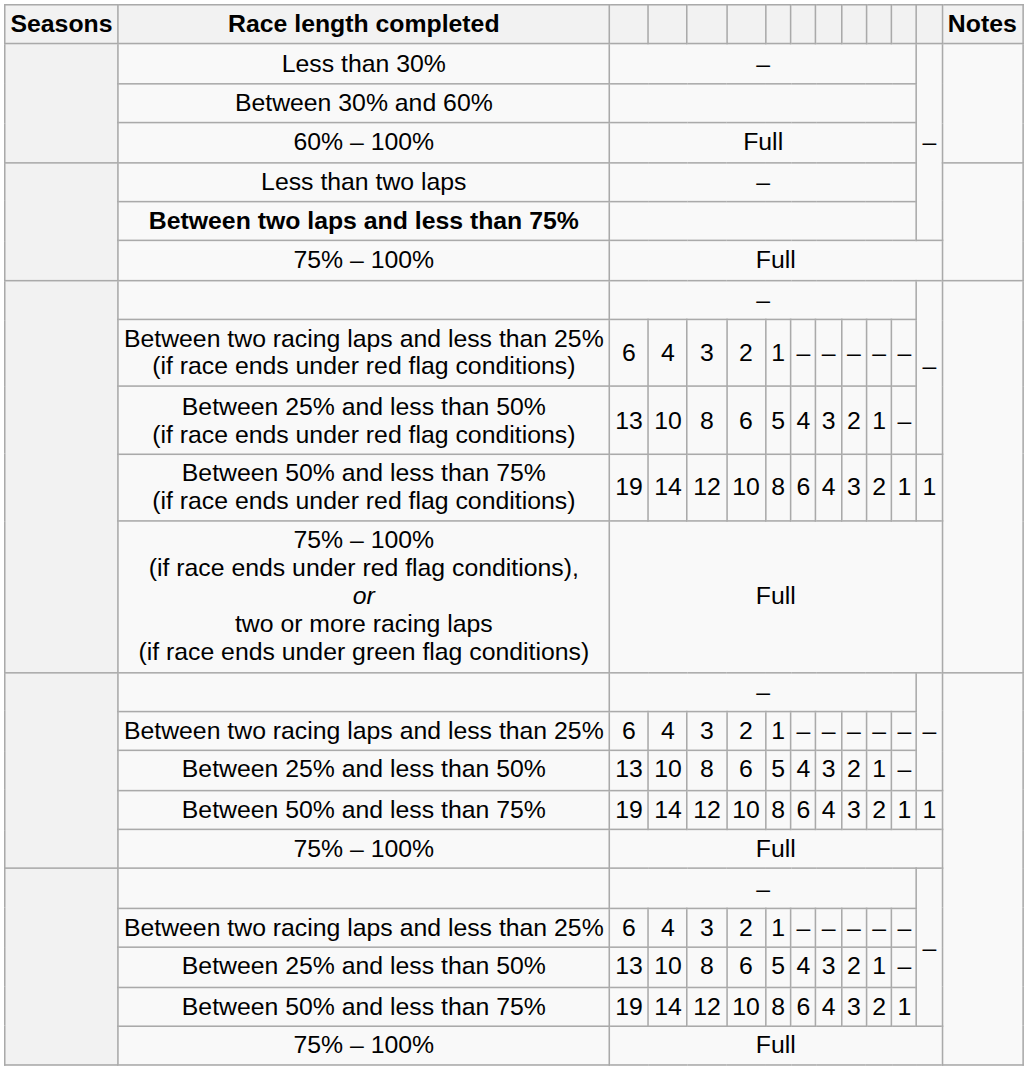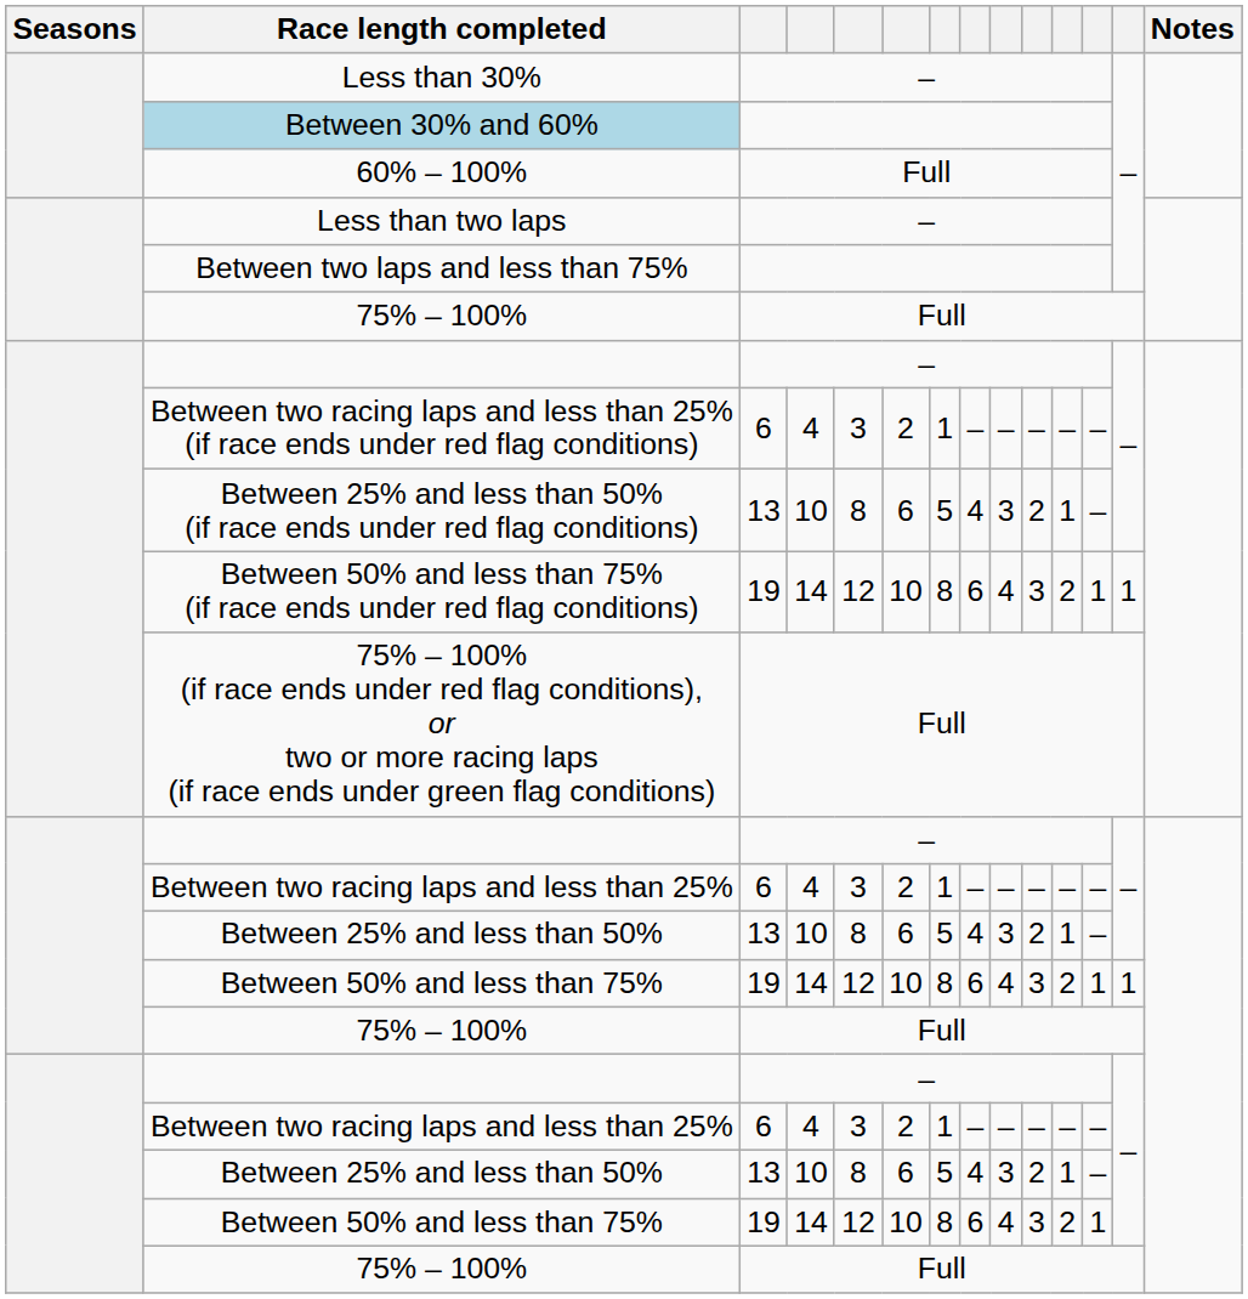 <table class="wikitable plainrowheaders sortable" style="text-align:center">
 <tr>
 <th scope="col">Seasons</th>
 <th scope="col" class="unsortable">Race length completed</th>
 <th scope="col"></th>
 <th scope="col"></th>
 <th scope="col"></th>
 <th scope="col"></th>
 <th scope="col"></th>
 <th scope="col"></th>
 <th scope="col"></th>
 <th scope="col"></th>
 <th scope="col"></th>
 <th scope="col"></th>
 <th></th>
 <th scope="col">Notes</th>
 </tr>
 <tr>
 <th scope=row rowspan=3 style="text-align:center"></th>
 <td>Less than 30%</td>
 <td colspan=10>–</td>
 <td rowspan="5">–</td>
 <td rowspan=3></td>
 </tr>
 <tr>
-<td>Between 30% and 60%</td>
+<td style="background: lightblue;">Between 30% and 60%</td>
 <td colspan=10></td>
 </tr>
 <tr>
 <td>60% – 100%</td>
 <td colspan="10">Full</td>
 </tr>
 <tr>
 <th scope=row rowspan=3 style="text-align:center"></th>
 <td>Less than two laps</td>
 <td colspan=10>–</td>
 <td rowspan=3></td>
 </tr>
 <tr>
-<td><strong>Between two laps and less than 75%</strong></td>
+<td>Between two laps and less than 75%</td>
 <td colspan=10></td>
 </tr>
 <tr>
 <td>75% – 100%</td>
 <td colspan=11>Full</td>
 </tr>
 <tr>
 <th scope=row rowspan=5 style="text-align:center"></th>
 <td></td>
 <td colspan=10>–</td>
 <td rowspan=3>–</td>
 <td rowspan=5></td>
 </tr>
 <tr>
 <td>Between two racing laps and less than 25%<br>(if race ends under red flag conditions)</td>
 <td>6</td>
 <td>4</td>
 <td>3</td>
 <td>2</td>
 <td>1</td>
 <td>–</td>
 <td>–</td>
 <td>–</td>
 <td>–</td>
 <td>–</td>
 </tr>
 <tr>
 <td>Between 25% and less than 50%<br>(if race ends under red flag conditions)</td>
 <td>13</td>
 <td>10</td>
 <td>8</td>
 <td>6</td>
 <td>5</td>
 <td>4</td>
 <td>3</td>
 <td>2</td>
 <td>1</td>
 <td>–</td>
 </tr>
 <tr>
 <td>Between 50% and less than 75%<br>(if race ends under red flag conditions)</td>
 <td>19</td>
 <td>14</td>
 <td>12</td>
 <td>10</td>
 <td>8</td>
 <td>6</td>
 <td>4</td>
 <td>3</td>
 <td>2</td>
 <td>1</td>
 <td>1</td>
 </tr>
 <tr>
 <td>75% – 100%<br>(if race ends under red flag conditions),<br><em>or</em><br>two or more racing laps<br>(if race ends under green flag conditions)</td>
 <td colspan=11>Full</td>
 </tr>
 <tr>
 <th scope=row rowspan=5 style="text-align:center"></th>
 <td></td>
 <td colspan=10>–</td>
 <td rowspan=3>–</td>
 <td rowspan="10"></td>
 </tr>
 <tr>
 <td>Between two racing laps and less than 25%</td>
 <td>6</td>
 <td>4</td>
 <td>3</td>
 <td>2</td>
 <td>1</td>
 <td>–</td>
 <td>–</td>
 <td>–</td>
 <td>–</td>
 <td>–</td>
 </tr>
 <tr>
 <td>Between 25% and less than 50%</td>
 <td>13</td>
 <td>10</td>
 <td>8</td>
 <td>6</td>
 <td>5</td>
 <td>4</td>
 <td>3</td>
 <td>2</td>
 <td>1</td>
 <td>–</td>
 </tr>
 <tr>
 <td>Between 50% and less than 75%</td>
 <td>19</td>
 <td>14</td>
 <td>12</td>
 <td>10</td>
 <td>8</td>
 <td>6</td>
 <td>4</td>
 <td>3</td>
 <td>2</td>
 <td>1</td>
 <td>1</td>
 </tr>
 <tr>
 <td>75% – 100%</td>
 <td colspan=11>Full</td>
 </tr>
 <tr>
 <th scope=row rowspan=5 style="text-align:center"></th>
 <td></td>
 <td colspan="10">–</td>
 <td rowspan="4">–</td>
 </tr>
 <tr>
 <td>Between two racing laps and less than 25%</td>
 <td>6</td>
 <td>4</td>
 <td>3</td>
 <td>2</td>
 <td>1</td>
 <td>–</td>
 <td>–</td>
 <td>–</td>
 <td>–</td>
 <td>–</td>
 </tr>
 <tr>
 <td>Between 25% and less than 50%</td>
 <td>13</td>
 <td>10</td>
 <td>8</td>
 <td>6</td>
 <td>5</td>
 <td>4</td>
 <td>3</td>
 <td>2</td>
 <td>1</td>
 <td>–</td>
 </tr>
 <tr>
 <td>Between 50% and less than 75%</td>
 <td>19</td>
 <td>14</td>
 <td>12</td>
 <td>10</td>
 <td>8</td>
 <td>6</td>
 <td>4</td>
 <td>3</td>
 <td>2</td>
 <td>1</td>
 </tr>
 <tr>
 <td>75% – 100%</td>
 <td colspan="11">Full</td>
 </tr>
 </table>
